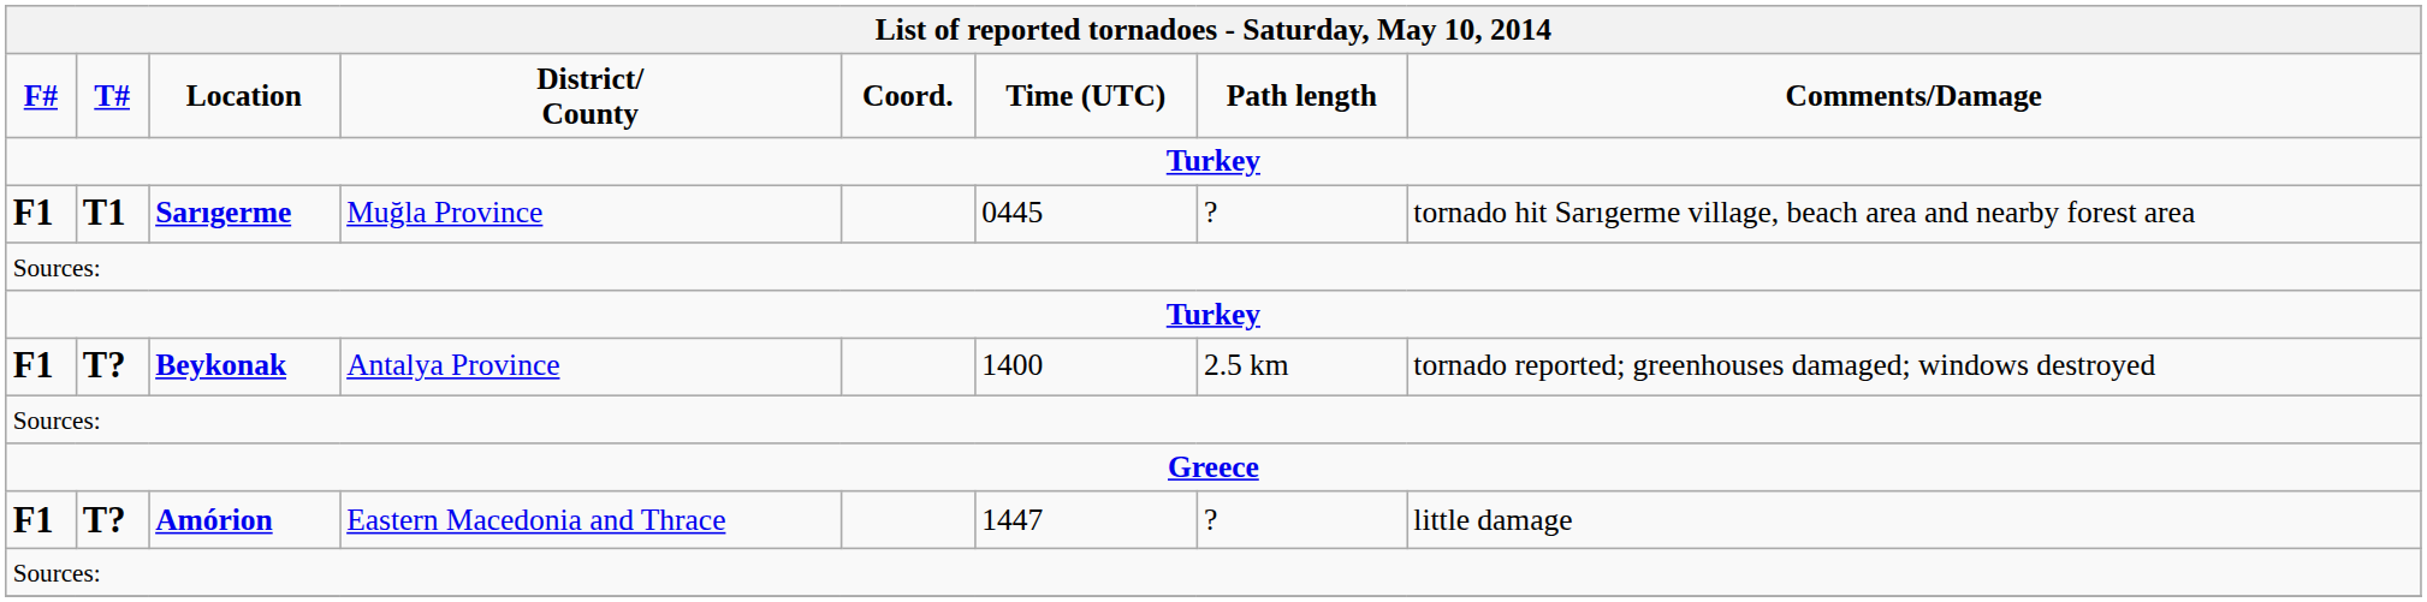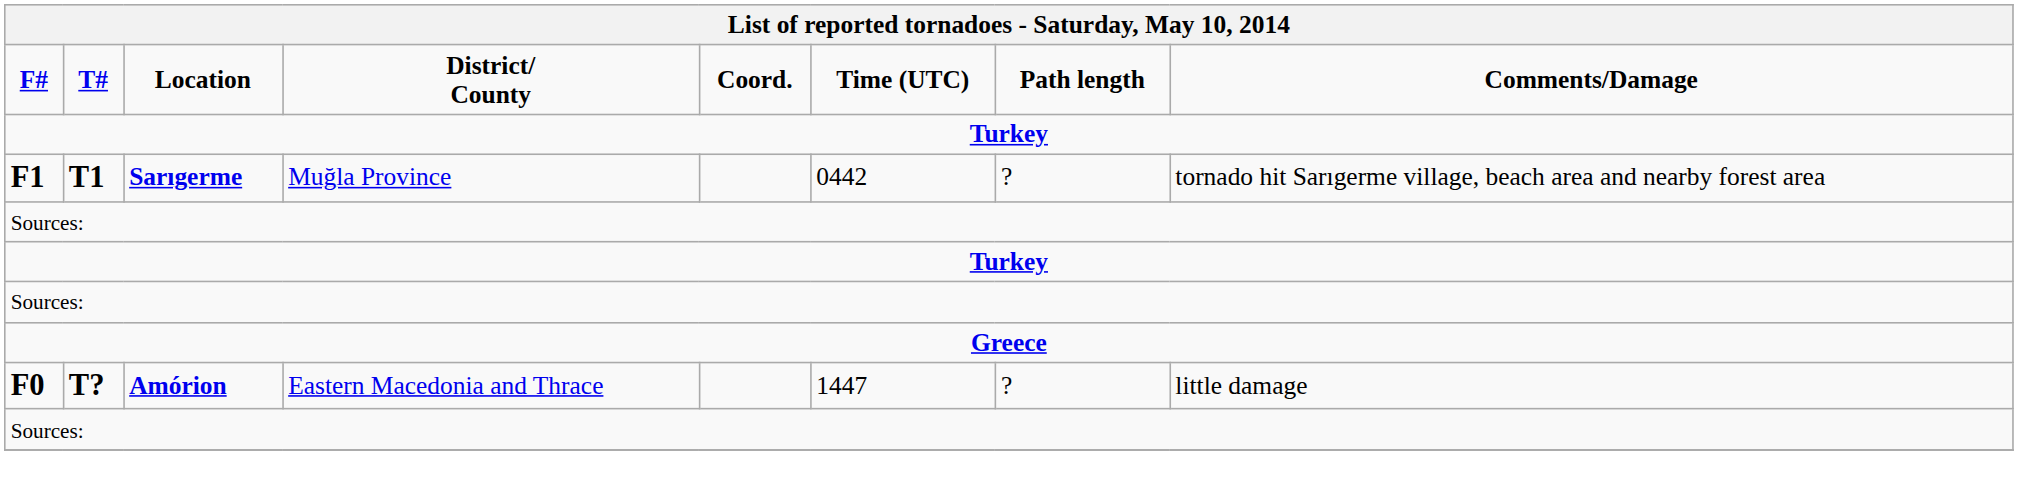 <table class="wikitable collapsible" width="100%">
 <tr>
 <th colspan="8">List of reported tornadoes - Saturday, May 10, 2014</th>
 </tr>
 <tr>
 <td style="text-align: center;"><strong><a href='#'>F#</a></strong></td>
 <td style="text-align: center;"><strong><a href='#'>T#</a></strong></td>
 <td style="text-align: center;"><strong>Location</strong></td>
 <td style="text-align: center;"><strong>District/<br>County</strong></td>
 <td style="text-align: center;"><strong>Coord.</strong></td>
 <td style="text-align: center;"><strong>Time (UTC)</strong></td>
 <td style="text-align: center;"><strong>Path length</strong></td>
 <td style="text-align: center;"><strong>Comments/Damage</strong></td>
 </tr>
 <tr>
 <td colspan="8" align=center><strong><a href='#'>Turkey</a></strong></td>
 </tr>
 <tr>
 <td><big><strong>F1</strong></big></td>
 <td><big><strong>T1</strong></big></td>
 <td><strong><a href='#'>Sarıgerme</a></strong></td>
 <td><a href='#'>Muğla Province</a></td>
 <td></td>
-<td>0445</td>
+<td>0442</td>
 <td>?</td>
 <td>tornado hit Sarıgerme village, beach area and nearby forest area</td>
 </tr>
 <tr>
 <td colspan="8"><small>Sources:</small></td>
 </tr>
 <tr>
 <td colspan="8" align=center><strong><a href='#'>Turkey</a></strong></td>
 </tr>
 <tr>
-<td><big><strong>F1</strong></big></td>
-<td><big><strong>T?</strong></big></td>
-<td><strong><a href='#'>Beykonak</a></strong></td>
-<td><a href='#'>Antalya Province</a></td>
-<td></td>
-<td>1400</td>
-<td>2.5 km</td>
-<td>tornado reported; greenhouses damaged; windows destroyed</td>
-</tr>
-<tr>
 <td colspan="8"><small>Sources:</small></td>
 </tr>
 <tr>
 <td colspan="8" align=center><strong><a href='#'>Greece</a></strong></td>
 </tr>
 <tr>
-<td><big><strong>F1</strong></big></td>
+<td><big><strong>F0</strong></big></td>
 <td><big><strong>T?</strong></big></td>
 <td><strong><a href='#'>Amórion</a></strong></td>
 <td><a href='#'>Eastern Macedonia and Thrace</a></td>
 <td></td>
 <td>1447</td>
 <td>?</td>
 <td>little damage</td>
 </tr>
 <tr>
 <td colspan="8"><small>Sources:</small></td>
 </tr>
 <tr>
 </tr>
 </table>
